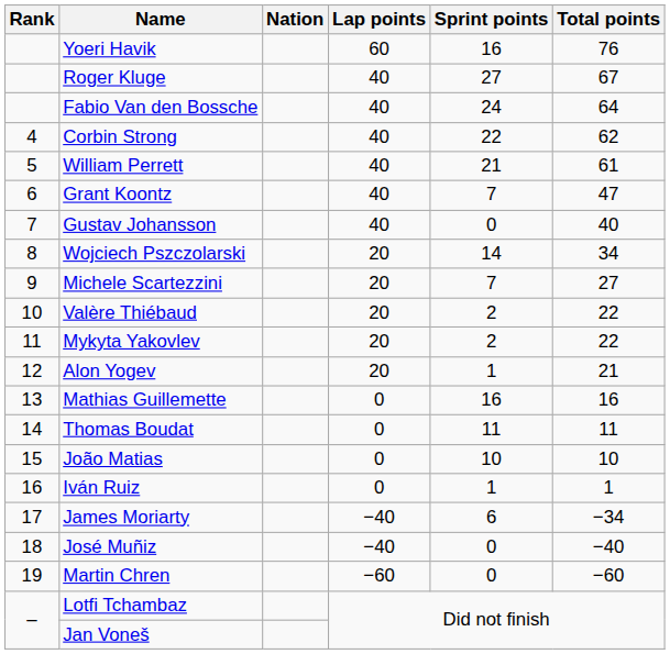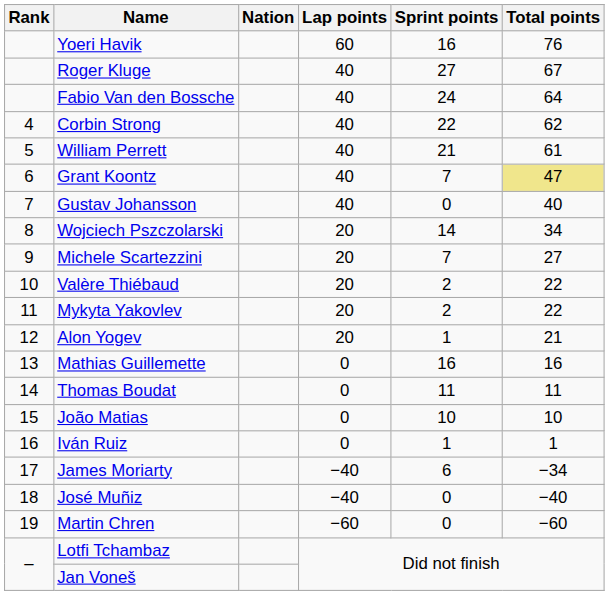 <table class="wikitable sortable" style="text-align:center">
 <tr>
 <th>Rank</th>
 <th>Name</th>
 <th>Nation</th>
 <th>Lap points</th>
 <th>Sprint points</th>
 <th>Total points</th>
 </tr>
 <tr>
 <td></td>
 <td align=left><a href='#'>Yoeri Havik</a></td>
 <td align=left></td>
 <td>60</td>
 <td>16</td>
 <td>76</td>
 </tr>
 <tr>
 <td></td>
 <td align=left><a href='#'>Roger Kluge</a></td>
 <td align=left></td>
 <td>40</td>
 <td>27</td>
 <td>67</td>
 </tr>
 <tr>
 <td></td>
 <td align=left><a href='#'>Fabio Van den Bossche</a></td>
 <td align=left></td>
 <td>40</td>
 <td>24</td>
 <td>64</td>
 </tr>
 <tr>
 <td>4</td>
 <td align=left><a href='#'>Corbin Strong</a></td>
 <td align=left></td>
 <td>40</td>
 <td>22</td>
 <td>62</td>
 </tr>
 <tr>
 <td>5</td>
 <td align=left><a href='#'>William Perrett</a></td>
 <td align=left></td>
 <td>40</td>
 <td>21</td>
 <td>61</td>
 </tr>
 <tr>
 <td>6</td>
 <td align=left><a href='#'>Grant Koontz</a></td>
 <td align=left></td>
 <td>40</td>
 <td>7</td>
-<td>47</td>
+<td style="background: khaki;">47</td>
 </tr>
 <tr>
 <td>7</td>
 <td align=left><a href='#'>Gustav Johansson</a></td>
 <td align=left></td>
 <td>40</td>
 <td>0</td>
 <td>40</td>
 </tr>
 <tr>
 <td>8</td>
 <td align=left><a href='#'>Wojciech Pszczolarski</a></td>
 <td align=left></td>
 <td>20</td>
 <td>14</td>
 <td>34</td>
 </tr>
 <tr>
 <td>9</td>
 <td align=left><a href='#'>Michele Scartezzini</a></td>
 <td align=left></td>
 <td>20</td>
 <td>7</td>
 <td>27</td>
 </tr>
 <tr>
 <td>10</td>
 <td align=left><a href='#'>Valère Thiébaud</a></td>
 <td align=left></td>
 <td>20</td>
 <td>2</td>
 <td>22</td>
 </tr>
 <tr>
 <td>11</td>
 <td align=left><a href='#'>Mykyta Yakovlev</a></td>
 <td align=left></td>
 <td>20</td>
 <td>2</td>
 <td>22</td>
 </tr>
 <tr>
 <td>12</td>
 <td align=left><a href='#'>Alon Yogev</a></td>
 <td align=left></td>
 <td>20</td>
 <td>1</td>
 <td>21</td>
 </tr>
 <tr>
 <td>13</td>
 <td align=left><a href='#'>Mathias Guillemette</a></td>
 <td align=left></td>
 <td>0</td>
 <td>16</td>
 <td>16</td>
 </tr>
 <tr>
 <td>14</td>
 <td align=left><a href='#'>Thomas Boudat</a></td>
 <td align=left></td>
 <td>0</td>
 <td>11</td>
 <td>11</td>
 </tr>
 <tr>
 <td>15</td>
 <td align=left><a href='#'>João Matias</a></td>
 <td align=left></td>
 <td>0</td>
 <td>10</td>
 <td>10</td>
 </tr>
 <tr>
 <td>16</td>
 <td align=left><a href='#'>Iván Ruiz</a></td>
 <td align=left></td>
 <td>0</td>
 <td>1</td>
 <td>1</td>
 </tr>
 <tr>
 <td>17</td>
 <td align=left><a href='#'>James Moriarty</a></td>
 <td align=left></td>
 <td>−40</td>
 <td>6</td>
 <td>−34</td>
 </tr>
 <tr>
 <td>18</td>
 <td align=left><a href='#'>José Muñiz</a></td>
 <td align=left></td>
 <td>−40</td>
 <td>0</td>
 <td>−40</td>
 </tr>
 <tr>
 <td>19</td>
 <td align=left><a href='#'>Martin Chren</a></td>
 <td align=left></td>
 <td>−60</td>
 <td>0</td>
 <td>−60</td>
 </tr>
 <tr>
 <td rowspan=2>–</td>
 <td align=left><a href='#'>Lotfi Tchambaz</a></td>
 <td align=left></td>
 <td colspan=3 rowspan=2>Did not finish</td>
 </tr>
 <tr>
 <td align=left><a href='#'>Jan Voneš</a></td>
 <td align=left></td>
 </tr>
 </table>
